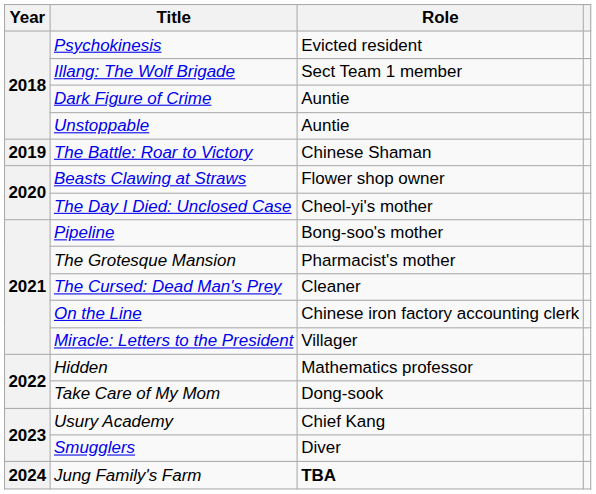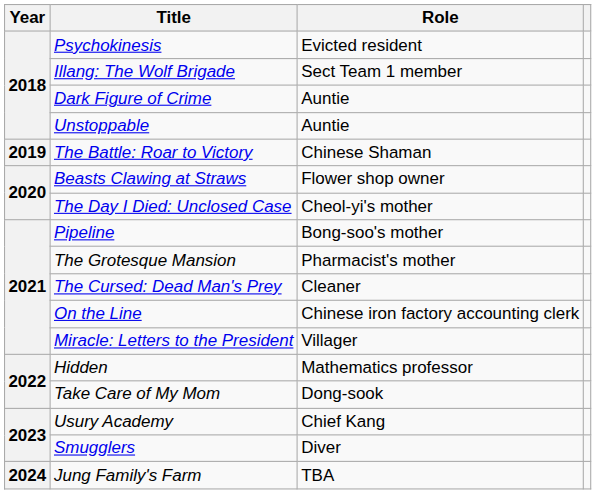 <table class="wikitable sortable plainrowheaders">
 <tr>
 <th scope="col">Year</th>
 <th scope="col">Title</th>
 <th scope="col">Role</th>
 <th scope="col"></th>
 </tr>
 <tr>
 <th scope="row" rowspan="4">2018</th>
 <td><em><a href='#'>Psychokinesis</a></em></td>
 <td>Evicted resident</td>
 <td></td>
 </tr>
 <tr>
 <td><em><a href='#'>Illang: The Wolf Brigade</a></em></td>
 <td>Sect Team 1 member</td>
 <td></td>
 </tr>
 <tr>
 <td><em><a href='#'>Dark Figure of Crime</a></em></td>
 <td>Auntie</td>
 <td></td>
 </tr>
 <tr>
 <td><em><a href='#'>Unstoppable</a></em></td>
 <td>Auntie</td>
 <td></td>
 </tr>
 <tr>
 <th scope="row">2019</th>
 <td><em><a href='#'>The Battle: Roar to Victory</a></em></td>
 <td>Chinese Shaman</td>
 <td></td>
 </tr>
 <tr>
 <th scope="row" rowspan="2">2020</th>
 <td><em><a href='#'>Beasts Clawing at Straws</a></em></td>
 <td>Flower shop owner</td>
 <td></td>
 </tr>
 <tr>
 <td><em><a href='#'>The Day I Died: Unclosed Case</a></em></td>
 <td>Cheol-yi's mother</td>
 <td></td>
 </tr>
 <tr>
 <th scope="row" rowspan="5">2021</th>
 <td><em><a href='#'>Pipeline</a></em></td>
 <td>Bong-soo's mother</td>
 <td></td>
 </tr>
 <tr>
 <td><em>The Grotesque Mansion</em></td>
 <td>Pharmacist's mother</td>
 <td></td>
 </tr>
 <tr>
 <td><em><a href='#'>The Cursed: Dead Man's Prey</a></em></td>
 <td>Cleaner</td>
 <td></td>
 </tr>
 <tr>
 <td><em><a href='#'>On the Line</a></em></td>
 <td>Chinese iron factory accounting clerk</td>
 <td></td>
 </tr>
 <tr>
 <td><em><a href='#'>Miracle: Letters to the President</a></em></td>
 <td>Villager</td>
 <td></td>
 </tr>
 <tr>
 <th scope="row" rowspan="2">2022</th>
 <td><em>Hidden</em></td>
 <td>Mathematics professor</td>
 <td></td>
 </tr>
 <tr>
 <td><em>Take Care of My Mom</em></td>
 <td>Dong-sook</td>
 <td></td>
 </tr>
 <tr>
 <th scope="row" rowspan="2">2023</th>
 <td><em>Usury Academy</em></td>
 <td>Chief Kang</td>
 <td></td>
 </tr>
 <tr>
 <td><em><a href='#'>Smugglers</a></em></td>
 <td>Diver</td>
 <td></td>
 </tr>
 <tr>
 <th scope="row">2024</th>
 <td><em>Jung Family's Farm</em></td>
-<td><strong>TBA</strong></td>
+<td>TBA</td>
 <td></td>
 </tr>
 </table>
